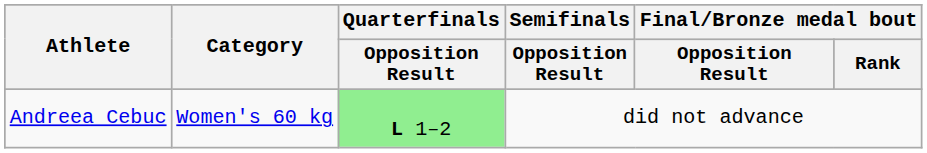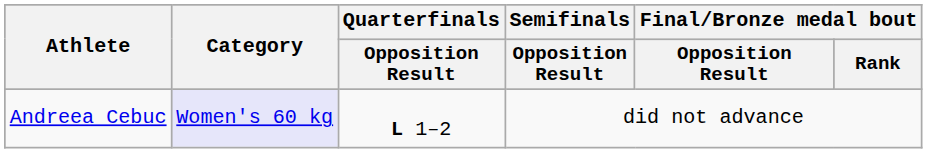 <table class="wikitable" style="text-align:center; font-size:90%">
 <tr>
 <th rowspan=2>Athlete</th>
 <th rowspan=2>Category</th>
 <th>Quarterfinals</th>
 <th>Semifinals</th>
 <th colspan=2>Final/Bronze medal bout</th>
 </tr>
 <tr style="font-size:95%">
 <th>Opposition<br>Result</th>
 <th>Opposition<br>Result</th>
 <th>Opposition<br>Result</th>
 <th>Rank</th>
 </tr>
 <tr>
 <td align=left><a href='#'>Andreea Cebuc</a></td>
-<td align=left><a href='#'>Women's 60 kg</a></td>
-<td style="background: lightgreen;"><br> <strong>L</strong> 1–2</td>
+<td align=left style="background: lavender;"><a href='#'>Women's 60 kg</a></td>
+<td><br> <strong>L</strong> 1–2</td>
 <td colspan=3>did not advance</td>
 </tr>
 </table>
